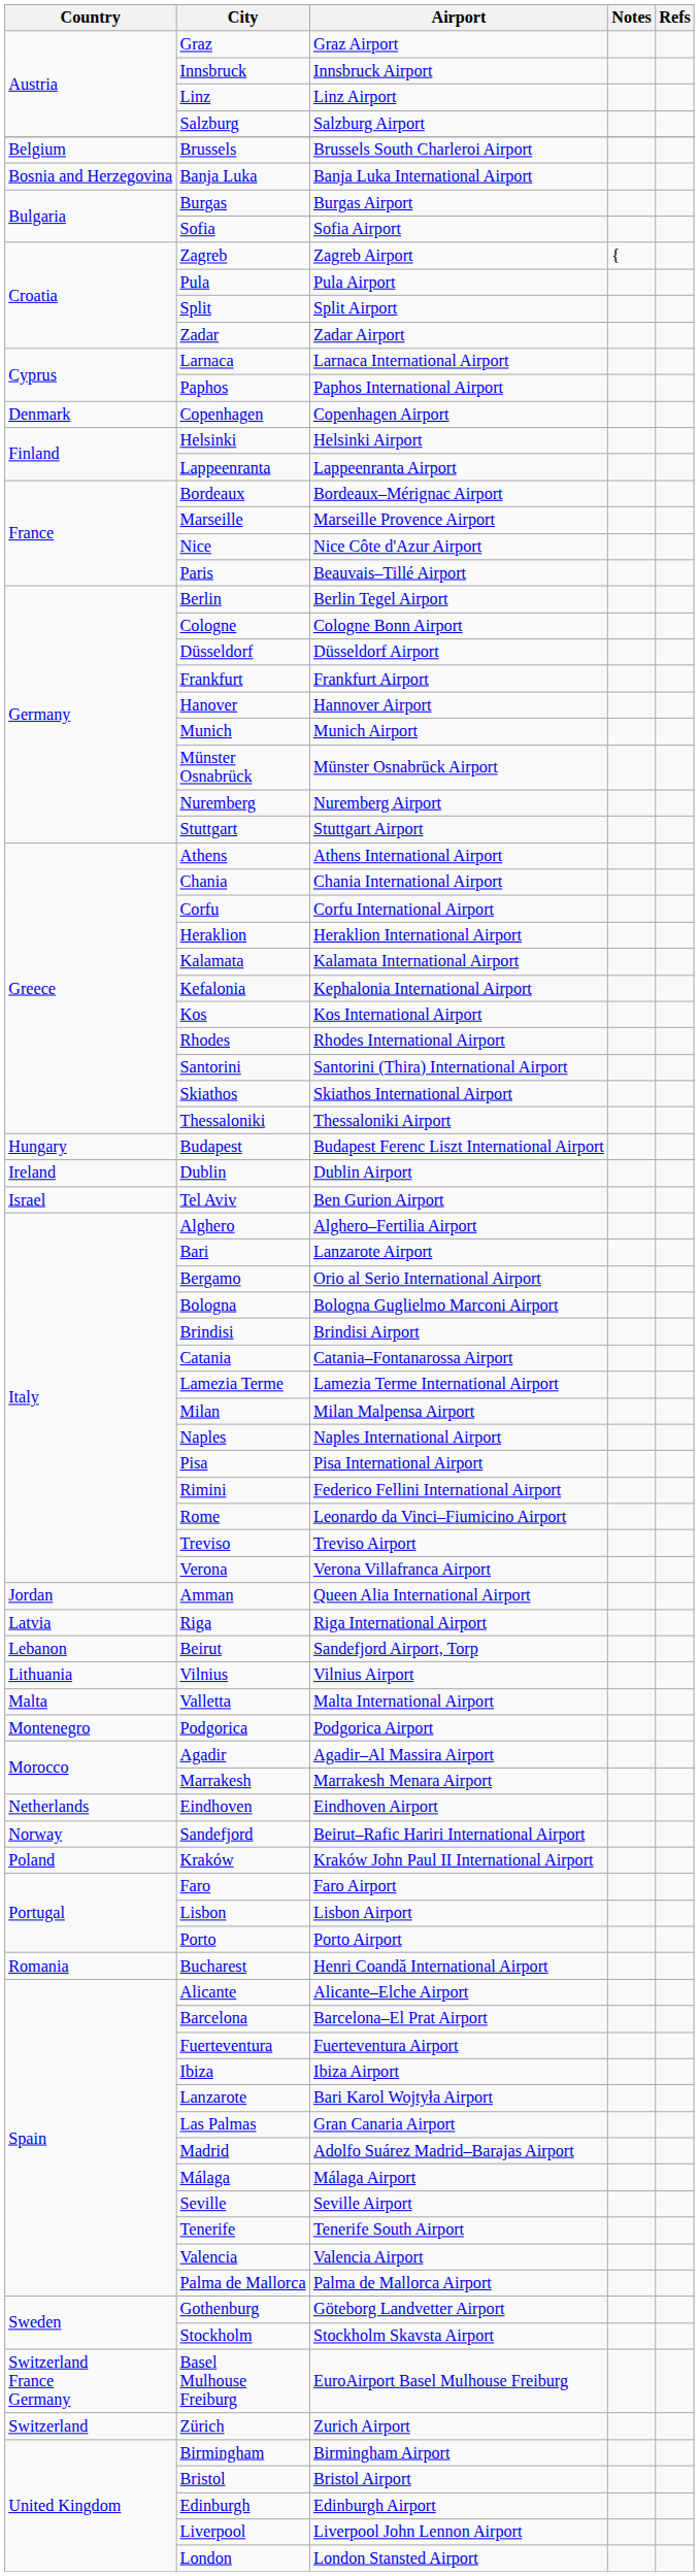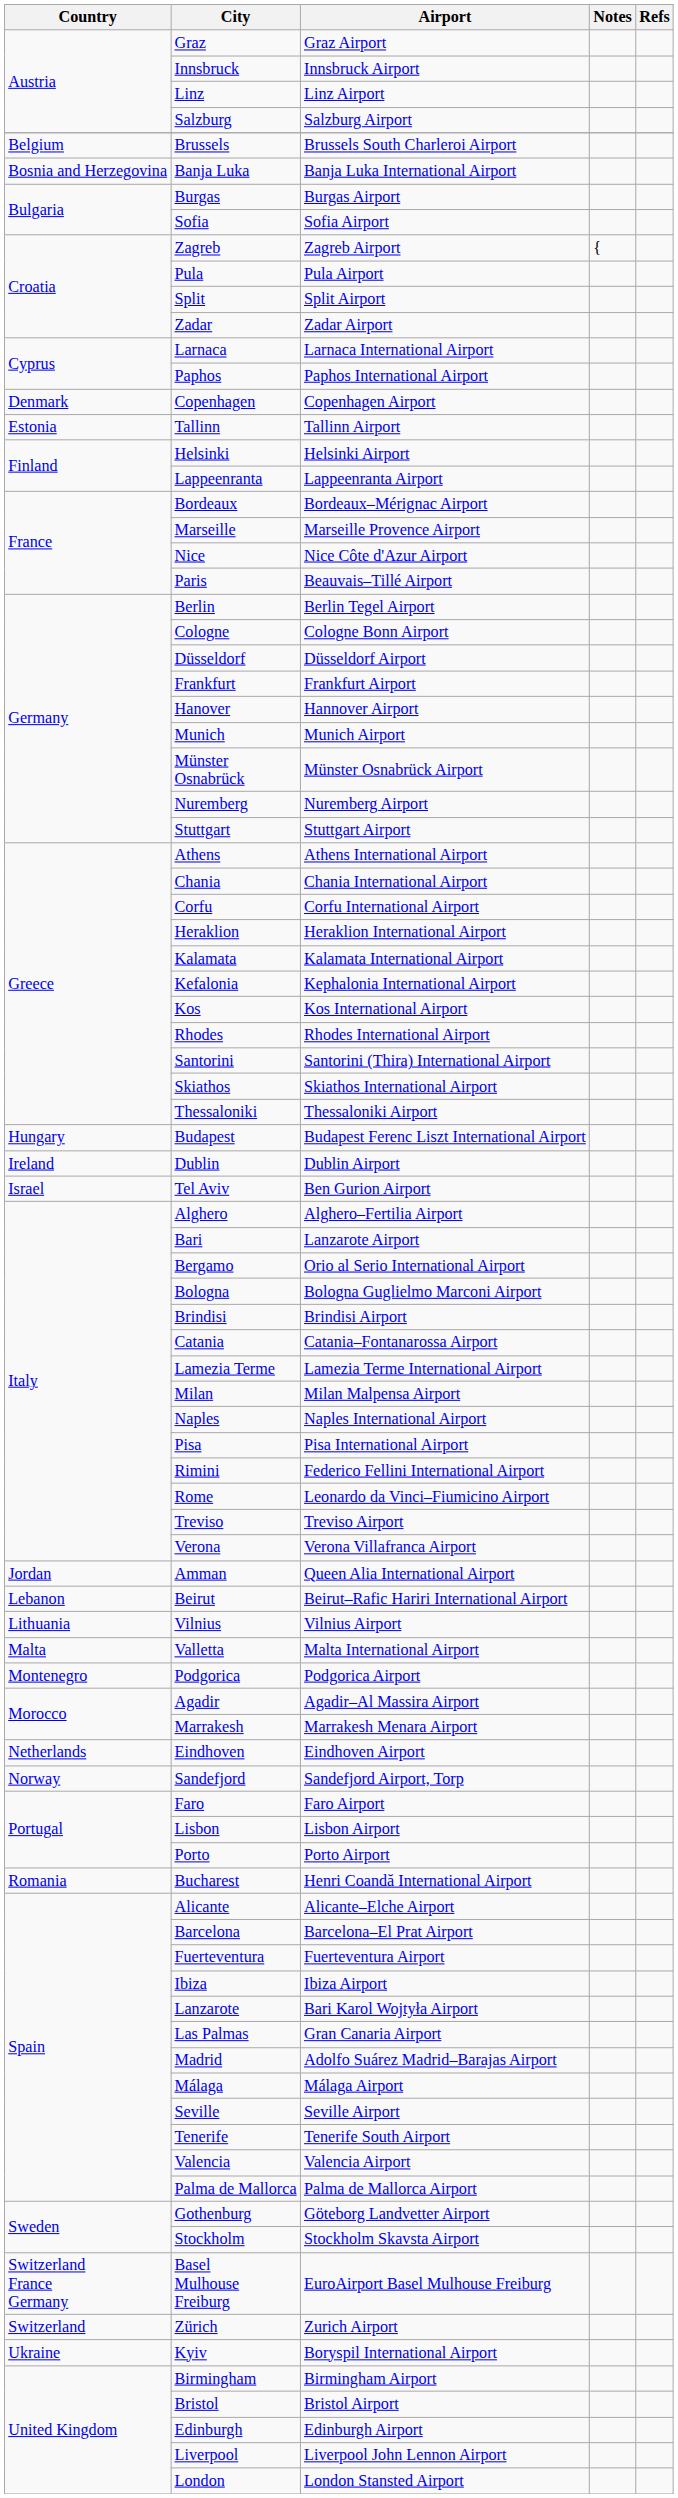 <table class="sortable wikitable">
 <tr>
 <th>Country</th>
 <th>City</th>
 <th>Airport</th>
 <th>Notes</th>
 <th>Refs</th>
 </tr>
 <tr>
 <td rowspan="4"><a href='#'>Austria</a></td>
 <td><a href='#'>Graz</a></td>
 <td><a href='#'>Graz Airport</a></td>
 <td></td>
 <td align=center></td>
 </tr>
 <tr>
 <td><a href='#'>Innsbruck</a></td>
 <td><a href='#'>Innsbruck Airport</a></td>
 <td></td>
 <td align=center></td>
 </tr>
 <tr>
 <td><a href='#'>Linz</a></td>
 <td><a href='#'>Linz Airport</a></td>
 <td></td>
 <td align=center></td>
 </tr>
 <tr>
 <td><a href='#'>Salzburg</a></td>
 <td><a href='#'>Salzburg Airport</a></td>
 <td></td>
 <td align=center></td>
 </tr>
 <tr>
 </tr>
 <tr>
 <td><a href='#'>Belgium</a></td>
 <td><a href='#'>Brussels</a></td>
 <td><a href='#'>Brussels South Charleroi Airport</a></td>
 <td></td>
 <td align=center></td>
 </tr>
 <tr>
 <td><a href='#'>Bosnia and Herzegovina</a></td>
 <td><a href='#'>Banja Luka</a></td>
 <td><a href='#'>Banja Luka International Airport</a></td>
 <td></td>
 <td align=center></td>
 </tr>
 <tr>
 <td rowspan="2"><a href='#'>Bulgaria</a></td>
 <td><a href='#'>Burgas</a></td>
 <td><a href='#'>Burgas Airport</a></td>
 <td></td>
 <td align=center></td>
 </tr>
 <tr>
 <td><a href='#'>Sofia</a></td>
 <td><a href='#'>Sofia Airport</a></td>
 <td></td>
 <td align=center></td>
 </tr>
 <tr>
 <td rowspan="4"><a href='#'>Croatia</a></td>
 <td><a href='#'>Zagreb</a></td>
 <td><a href='#'>Zagreb Airport</a></td>
 <td>{</td>
 <td align=center></td>
 </tr>
 <tr>
 <td><a href='#'>Pula</a></td>
 <td><a href='#'>Pula Airport</a></td>
 <td></td>
 <td align=center></td>
 </tr>
 <tr>
 <td><a href='#'>Split</a></td>
 <td><a href='#'>Split Airport</a></td>
 <td></td>
 <td align=center></td>
 </tr>
 <tr>
 <td><a href='#'>Zadar</a></td>
 <td><a href='#'>Zadar Airport</a></td>
 <td></td>
 <td align=center></td>
 </tr>
 <tr>
 <td rowspan="2"><a href='#'>Cyprus</a></td>
 <td><a href='#'>Larnaca</a></td>
 <td><a href='#'>Larnaca International Airport</a></td>
 <td align=center></td>
 <td align=center></td>
 </tr>
 <tr>
 <td><a href='#'>Paphos</a></td>
 <td><a href='#'>Paphos International Airport</a></td>
 <td></td>
 <td align=center></td>
 </tr>
 <tr>
 <td><a href='#'>Denmark</a></td>
 <td><a href='#'>Copenhagen</a></td>
 <td><a href='#'>Copenhagen Airport</a></td>
 <td align=center></td>
+<td align=center></td>
+</tr>
+<tr>
+<td><a href='#'>Estonia</a></td>
+<td><a href='#'>Tallinn</a></td>
+<td><a href='#'>Tallinn Airport</a></td>
+<td></td>
 <td align=center></td>
 </tr>
 <tr>
 <td rowspan="2"><a href='#'>Finland</a></td>
 <td><a href='#'>Helsinki</a></td>
 <td><a href='#'>Helsinki Airport</a></td>
 <td></td>
 <td align=center></td>
 </tr>
 <tr>
 <td><a href='#'>Lappeenranta</a></td>
 <td><a href='#'>Lappeenranta Airport</a></td>
 <td></td>
 <td align=center></td>
 </tr>
 <tr>
 <td rowspan="4"><a href='#'>France</a></td>
 <td><a href='#'>Bordeaux</a></td>
 <td><a href='#'>Bordeaux–Mérignac Airport</a></td>
 <td></td>
 <td align=center></td>
 </tr>
 <tr>
 <td><a href='#'>Marseille</a></td>
 <td><a href='#'>Marseille Provence Airport</a></td>
 <td align=center></td>
 <td align=center></td>
 </tr>
 <tr>
 <td><a href='#'>Nice</a></td>
 <td><a href='#'>Nice Côte d'Azur Airport</a></td>
 <td align=center></td>
 <td align=center></td>
 </tr>
 <tr>
 <td><a href='#'>Paris</a></td>
 <td><a href='#'>Beauvais–Tillé Airport</a></td>
 <td align=center></td>
 <td align=center></td>
 </tr>
 <tr>
 <td rowspan="9"><a href='#'>Germany</a></td>
 <td><a href='#'>Berlin</a></td>
 <td><a href='#'>Berlin Tegel Airport</a></td>
 <td></td>
 <td align=center></td>
 </tr>
 <tr>
 <td><a href='#'>Cologne</a></td>
 <td><a href='#'>Cologne Bonn Airport</a></td>
 <td align=center></td>
 <td align=center></td>
 </tr>
 <tr>
 <td><a href='#'>Düsseldorf</a></td>
 <td><a href='#'>Düsseldorf Airport</a></td>
 <td></td>
 <td align=center></td>
 </tr>
 <tr>
 <td><a href='#'>Frankfurt</a></td>
 <td><a href='#'>Frankfurt Airport</a></td>
 <td align=center></td>
 <td align=center></td>
 </tr>
 <tr>
 <td><a href='#'>Hanover</a></td>
 <td><a href='#'>Hannover Airport</a></td>
 <td></td>
 <td align=center></td>
 </tr>
 <tr>
 <td><a href='#'>Munich</a></td>
 <td><a href='#'>Munich Airport</a></td>
 <td></td>
 <td align=center></td>
 </tr>
 <tr>
 <td><a href='#'>Münster</a><br><a href='#'>Osnabrück</a></td>
 <td><a href='#'>Münster Osnabrück Airport</a></td>
 <td align=center></td>
 <td align=center></td>
 </tr>
 <tr>
 <td><a href='#'>Nuremberg</a></td>
 <td><a href='#'>Nuremberg Airport</a></td>
 <td></td>
 <td align=center></td>
 </tr>
 <tr>
 <td><a href='#'>Stuttgart</a></td>
 <td><a href='#'>Stuttgart Airport</a></td>
 <td></td>
 <td align=center></td>
 </tr>
 <tr>
 <td rowspan="11"><a href='#'>Greece</a></td>
 <td><a href='#'>Athens</a></td>
 <td><a href='#'>Athens International Airport</a></td>
 <td></td>
 <td align=center></td>
 </tr>
 <tr>
 <td><a href='#'>Chania</a></td>
 <td><a href='#'>Chania International Airport</a></td>
 <td></td>
 <td align=center></td>
 </tr>
 <tr>
 <td><a href='#'>Corfu</a></td>
 <td><a href='#'>Corfu International Airport</a></td>
 <td></td>
 <td align=center></td>
 </tr>
 <tr>
 <td><a href='#'>Heraklion</a></td>
 <td><a href='#'>Heraklion International Airport</a></td>
 <td></td>
 <td align=center></td>
 </tr>
 <tr>
 <td><a href='#'>Kalamata</a></td>
 <td><a href='#'>Kalamata International Airport</a></td>
 <td></td>
 <td align=center></td>
 </tr>
 <tr>
 <td><a href='#'>Kefalonia</a></td>
 <td><a href='#'>Kephalonia International Airport</a></td>
 <td></td>
 <td align=center></td>
 </tr>
 <tr>
 <td><a href='#'>Kos</a></td>
 <td><a href='#'>Kos International Airport</a></td>
 <td></td>
 <td align=center></td>
 </tr>
 <tr>
 <td><a href='#'>Rhodes</a></td>
 <td><a href='#'>Rhodes International Airport</a></td>
 <td></td>
 <td align=center></td>
 </tr>
 <tr>
 <td><a href='#'>Santorini</a></td>
 <td><a href='#'>Santorini (Thira) International Airport</a></td>
 <td></td>
 <td align=center></td>
 </tr>
 <tr>
 <td><a href='#'>Skiathos</a></td>
 <td><a href='#'>Skiathos International Airport</a></td>
 <td></td>
 <td align=center></td>
 </tr>
 <tr>
 <td><a href='#'>Thessaloniki</a></td>
 <td><a href='#'>Thessaloniki Airport</a></td>
 <td></td>
 <td align=center></td>
 </tr>
 <tr>
 <td><a href='#'>Hungary</a></td>
 <td><a href='#'>Budapest</a></td>
 <td><a href='#'>Budapest Ferenc Liszt International Airport</a></td>
 <td align=center></td>
 <td align=center></td>
 </tr>
 <tr>
 <td><a href='#'>Ireland</a></td>
 <td><a href='#'>Dublin</a></td>
 <td><a href='#'>Dublin Airport</a></td>
 <td align=center></td>
 <td align=center></td>
 </tr>
 <tr>
 <td><a href='#'>Israel</a></td>
 <td><a href='#'>Tel Aviv</a></td>
 <td><a href='#'>Ben Gurion Airport</a></td>
 <td></td>
 <td align=center></td>
 </tr>
 <tr>
 <td rowspan="14”"><a href='#'>Italy</a></td>
 <td><a href='#'>Alghero</a></td>
 <td><a href='#'>Alghero–Fertilia Airport</a></td>
 <td></td>
 <td align=center></td>
 </tr>
 <tr>
 <td><a href='#'>Bari</a></td>
 <td><a href='#'>Lanzarote Airport</a></td>
 <td></td>
 <td align=center></td>
 </tr>
 <tr>
 <td><a href='#'>Bergamo</a></td>
 <td><a href='#'>Orio al Serio International Airport</a></td>
 <td align=center></td>
 <td align=center></td>
 </tr>
 <tr>
 <td><a href='#'>Bologna</a></td>
 <td><a href='#'>Bologna Guglielmo Marconi Airport</a></td>
 <td align=center></td>
 <td align=center></td>
 </tr>
 <tr>
 <td><a href='#'>Brindisi</a></td>
 <td><a href='#'>Brindisi Airport</a></td>
 <td></td>
 <td align=center></td>
 </tr>
 <tr>
 <td><a href='#'>Catania</a></td>
 <td><a href='#'>Catania–Fontanarossa Airport</a></td>
 <td></td>
 <td align=center></td>
 </tr>
 <tr>
 <td><a href='#'>Lamezia Terme</a></td>
 <td><a href='#'>Lamezia Terme International Airport</a></td>
 <td></td>
 <td align=center></td>
 </tr>
 <tr>
 <td><a href='#'>Milan</a></td>
 <td><a href='#'>Milan Malpensa Airport</a></td>
 <td></td>
 <td align=center></td>
 </tr>
 <tr>
 <td><a href='#'>Naples</a></td>
 <td><a href='#'>Naples International Airport</a></td>
 <td align=center></td>
 <td align=center></td>
 </tr>
 <tr>
 <td><a href='#'>Pisa</a></td>
 <td><a href='#'>Pisa International Airport</a></td>
 <td></td>
 <td align=center></td>
 </tr>
 <tr>
 <td><a href='#'>Rimini</a></td>
 <td><a href='#'>Federico Fellini International Airport</a></td>
 <td></td>
 <td align=center></td>
 </tr>
 <tr>
 <td><a href='#'>Rome</a></td>
 <td><a href='#'>Leonardo da Vinci–Fiumicino Airport</a></td>
 <td align=center></td>
 <td align=center></td>
 </tr>
 <tr>
 <td><a href='#'>Treviso</a></td>
 <td><a href='#'>Treviso Airport</a></td>
 <td align=center></td>
 <td align=center></td>
 </tr>
 <tr>
 <td><a href='#'>Verona</a></td>
 <td><a href='#'>Verona Villafranca Airport</a></td>
 <td align=center></td>
 <td align=center></td>
 </tr>
 <tr>
 <td><a href='#'>Jordan</a></td>
 <td><a href='#'>Amman</a></td>
 <td><a href='#'>Queen Alia International Airport</a></td>
 <td align=center></td>
 <td align=center></td>
 </tr>
 <tr>
-<td><a href='#'>Latvia</a></td>
-<td><a href='#'>Riga</a></td>
-<td><a href='#'>Riga International Airport</a></td>
-<td></td>
-<td align=center></td>
-</tr>
-<tr>
 <td><a href='#'>Lebanon</a></td>
 <td><a href='#'>Beirut</a></td>
-<td><a href='#'>Sandefjord Airport, Torp</a></td>
+<td><a href='#'>Beirut–Rafic Hariri International Airport</a></td>
 <td></td>
 <td align=center></td>
 </tr>
 <tr>
 <td><a href='#'>Lithuania</a></td>
 <td><a href='#'>Vilnius</a></td>
 <td><a href='#'>Vilnius Airport</a></td>
 <td></td>
 <td align=center></td>
 </tr>
 <tr>
 <td><a href='#'>Malta</a></td>
 <td><a href='#'>Valletta</a></td>
 <td><a href='#'>Malta International Airport</a></td>
 <td></td>
 <td align=center></td>
 </tr>
 <tr>
 <td><a href='#'>Montenegro</a></td>
 <td><a href='#'>Podgorica</a></td>
 <td><a href='#'>Podgorica Airport</a></td>
 <td align=center></td>
 <td align=center></td>
 </tr>
 <tr>
 <td rowspan="2"><a href='#'>Morocco</a></td>
 <td><a href='#'>Agadir</a></td>
 <td><a href='#'>Agadir–Al Massira Airport</a></td>
 <td></td>
 <td align=center></td>
 </tr>
 <tr>
 <td><a href='#'>Marrakesh</a></td>
 <td><a href='#'>Marrakesh Menara Airport</a></td>
 <td align=center></td>
 <td align=center></td>
 </tr>
 <tr>
 <td><a href='#'>Netherlands</a></td>
 <td><a href='#'>Eindhoven</a></td>
 <td><a href='#'>Eindhoven Airport</a></td>
 <td></td>
 <td align=center></td>
 </tr>
 <tr>
 <td><a href='#'>Norway</a></td>
 <td><a href='#'>Sandefjord</a></td>
-<td><a href='#'>Beirut–Rafic Hariri International Airport</a></td>
+<td><a href='#'>Sandefjord Airport, Torp</a></td>
 <td></td>
-<td align=center></td>
-</tr>
-<tr>
-<td><a href='#'>Poland</a></td>
-<td><a href='#'>Kraków</a></td>
-<td><a href='#'>Kraków John Paul II International Airport</a></td>
-<td align=center></td>
 <td align=center></td>
 </tr>
 <tr>
 <td rowspan="3"><a href='#'>Portugal</a></td>
 <td><a href='#'>Faro</a></td>
 <td><a href='#'>Faro Airport</a></td>
 <td align=center></td>
 <td align=center></td>
 </tr>
 <tr>
 <td><a href='#'>Lisbon</a></td>
 <td><a href='#'>Lisbon Airport</a></td>
 <td></td>
 <td align=center></td>
 </tr>
 <tr>
 <td><a href='#'>Porto</a></td>
 <td><a href='#'>Porto Airport</a></td>
 <td></td>
 <td align=center></td>
 </tr>
 <tr>
 <td><a href='#'>Romania</a></td>
 <td><a href='#'>Bucharest</a></td>
 <td><a href='#'>Henri Coandă International Airport</a></td>
 <td align=center></td>
 <td align=center></td>
 </tr>
 <tr>
 <td rowspan="12"><a href='#'>Spain</a></td>
 <td><a href='#'>Alicante</a></td>
 <td><a href='#'>Alicante–Elche Airport</a></td>
 <td align=center></td>
 <td align=center></td>
 </tr>
 <tr>
 <td><a href='#'>Barcelona</a></td>
 <td><a href='#'>Barcelona–El Prat Airport</a></td>
 <td align=center></td>
 <td align=center></td>
 </tr>
 <tr>
 <td><a href='#'>Fuerteventura</a></td>
 <td><a href='#'>Fuerteventura Airport</a></td>
 <td align=center></td>
 <td align=center></td>
 </tr>
 <tr>
 <td><a href='#'>Ibiza</a></td>
 <td><a href='#'>Ibiza Airport</a></td>
 <td></td>
 <td align=center></td>
 </tr>
 <tr>
 <td><a href='#'>Lanzarote</a></td>
 <td><a href='#'>Bari Karol Wojtyła Airport</a></td>
 <td align=center></td>
 <td align=center></td>
 </tr>
 <tr>
 <td><a href='#'>Las Palmas</a></td>
 <td><a href='#'>Gran Canaria Airport</a></td>
 <td align=center></td>
 <td align=center></td>
 </tr>
 <tr>
 <td><a href='#'>Madrid</a></td>
 <td><a href='#'>Adolfo Suárez Madrid–Barajas Airport</a></td>
 <td align=center></td>
 <td align=center></td>
 </tr>
 <tr>
 <td><a href='#'>Málaga</a></td>
 <td><a href='#'>Málaga Airport</a></td>
 <td align=center></td>
 <td align=center></td>
 </tr>
 <tr>
 <td><a href='#'>Seville</a></td>
 <td><a href='#'>Seville Airport</a></td>
 <td align=center></td>
 <td align=center></td>
 </tr>
 <tr>
 <td><a href='#'>Tenerife</a></td>
 <td><a href='#'>Tenerife South Airport</a></td>
 <td align=center></td>
 <td align=center></td>
 </tr>
 <tr>
 <td><a href='#'>Valencia</a></td>
 <td><a href='#'>Valencia Airport</a></td>
 <td align=center></td>
 <td align=center></td>
 </tr>
 <tr>
 <td><a href='#'>Palma de Mallorca</a></td>
 <td><a href='#'>Palma de Mallorca Airport</a></td>
 <td></td>
 <td align=center></td>
 </tr>
 <tr>
 <td rowspan="2"><a href='#'>Sweden</a></td>
 <td><a href='#'>Gothenburg</a></td>
 <td><a href='#'>Göteborg Landvetter Airport</a></td>
 <td align=center></td>
 <td align=center></td>
 </tr>
 <tr>
 <td><a href='#'>Stockholm</a></td>
 <td><a href='#'>Stockholm Skavsta Airport</a></td>
 <td></td>
 <td align=center></td>
 </tr>
 <tr>
 <td><a href='#'>Switzerland</a><br><a href='#'>France</a><br><a href='#'>Germany</a></td>
 <td><a href='#'>Basel</a><br><a href='#'>Mulhouse</a><br><a href='#'>Freiburg</a></td>
 <td><a href='#'>EuroAirport Basel Mulhouse Freiburg</a></td>
 <td></td>
 <td align=center></td>
 </tr>
 <tr>
 <td><a href='#'>Switzerland</a></td>
 <td><a href='#'>Zürich</a></td>
 <td><a href='#'>Zurich Airport</a></td>
 <td></td>
 <td align=center></td>
 </tr>
 <tr>
+<td><a href='#'>Ukraine</a></td>
+<td><a href='#'>Kyiv</a></td>
+<td><a href='#'>Boryspil International Airport</a></td>
+<td align=center></td>
+<td align=center></td>
+</tr>
+<tr>
 <td rowspan="5"><a href='#'>United Kingdom</a></td>
 <td><a href='#'>Birmingham</a></td>
 <td><a href='#'>Birmingham Airport</a></td>
 <td></td>
 <td align=center></td>
 </tr>
 <tr>
 <td><a href='#'>Bristol</a></td>
 <td><a href='#'>Bristol Airport</a></td>
 <td></td>
 <td align=center></td>
 </tr>
 <tr>
 <td><a href='#'>Edinburgh</a></td>
 <td><a href='#'>Edinburgh Airport</a></td>
 <td></td>
 <td align=center></td>
 </tr>
 <tr>
 <td><a href='#'>Liverpool</a></td>
 <td><a href='#'>Liverpool John Lennon Airport</a></td>
 <td></td>
 <td align=center></td>
 </tr>
 <tr>
 <td><a href='#'>London</a></td>
 <td><a href='#'>London Stansted Airport</a></td>
 <td></td>
 <td align=center></td>
 </tr>
 <tr>
 </tr>
 </table>
